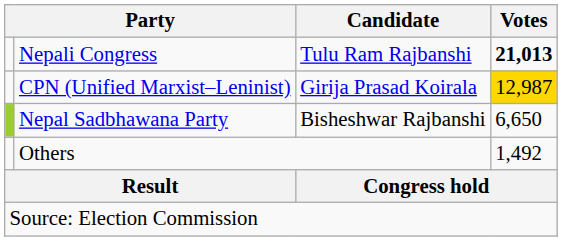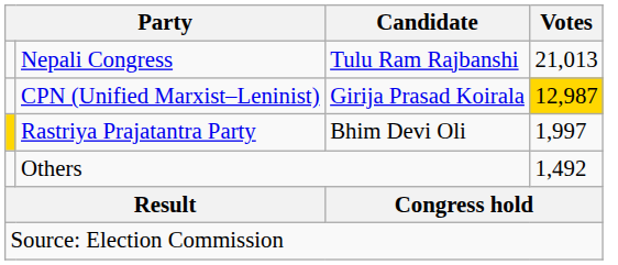 <table class="wikitable">
 <tr>
 <th colspan="2">Party</th>
 <th>Candidate</th>
 <th>Votes</th>
 </tr>
 <tr>
 <td style="background-color:"></td>
 <td><a href='#'>Nepali Congress</a></td>
 <td><a href='#'>Tulu Ram Rajbanshi</a></td>
-<td><strong>21,013</strong></td>
+<td>21,013</td>
 </tr>
 <tr>
 <td style="background-color:"></td>
 <td><a href='#'>CPN (Unified Marxist–Leninist)</a></td>
 <td><a href='#'>Girija Prasad Koirala</a></td>
 <td style="background: gold;">12,987</td>
 </tr>
 <tr>
-<td style="background-color:yellowgreen"></td>
-<td><a href='#'>Nepal Sadbhawana Party</a></td>
-<td>Bisheshwar Rajbanshi</td>
-<td>6,650</td>
+<td style="background-color:gold"></td>
+<td><a href='#'>Rastriya Prajatantra Party</a></td>
+<td>Bhim Devi Oli</td>
+<td>1,997</td>
 </tr>
 <tr>
 <td></td>
 <td colspan="2">Others</td>
 <td>1,492</td>
 </tr>
 <tr>
 <th colspan="2">Result</th>
 <th colspan="2">Congress hold</th>
 </tr>
 <tr>
 <td colspan="4">Source: Election Commission</td>
 </tr>
 </table>
